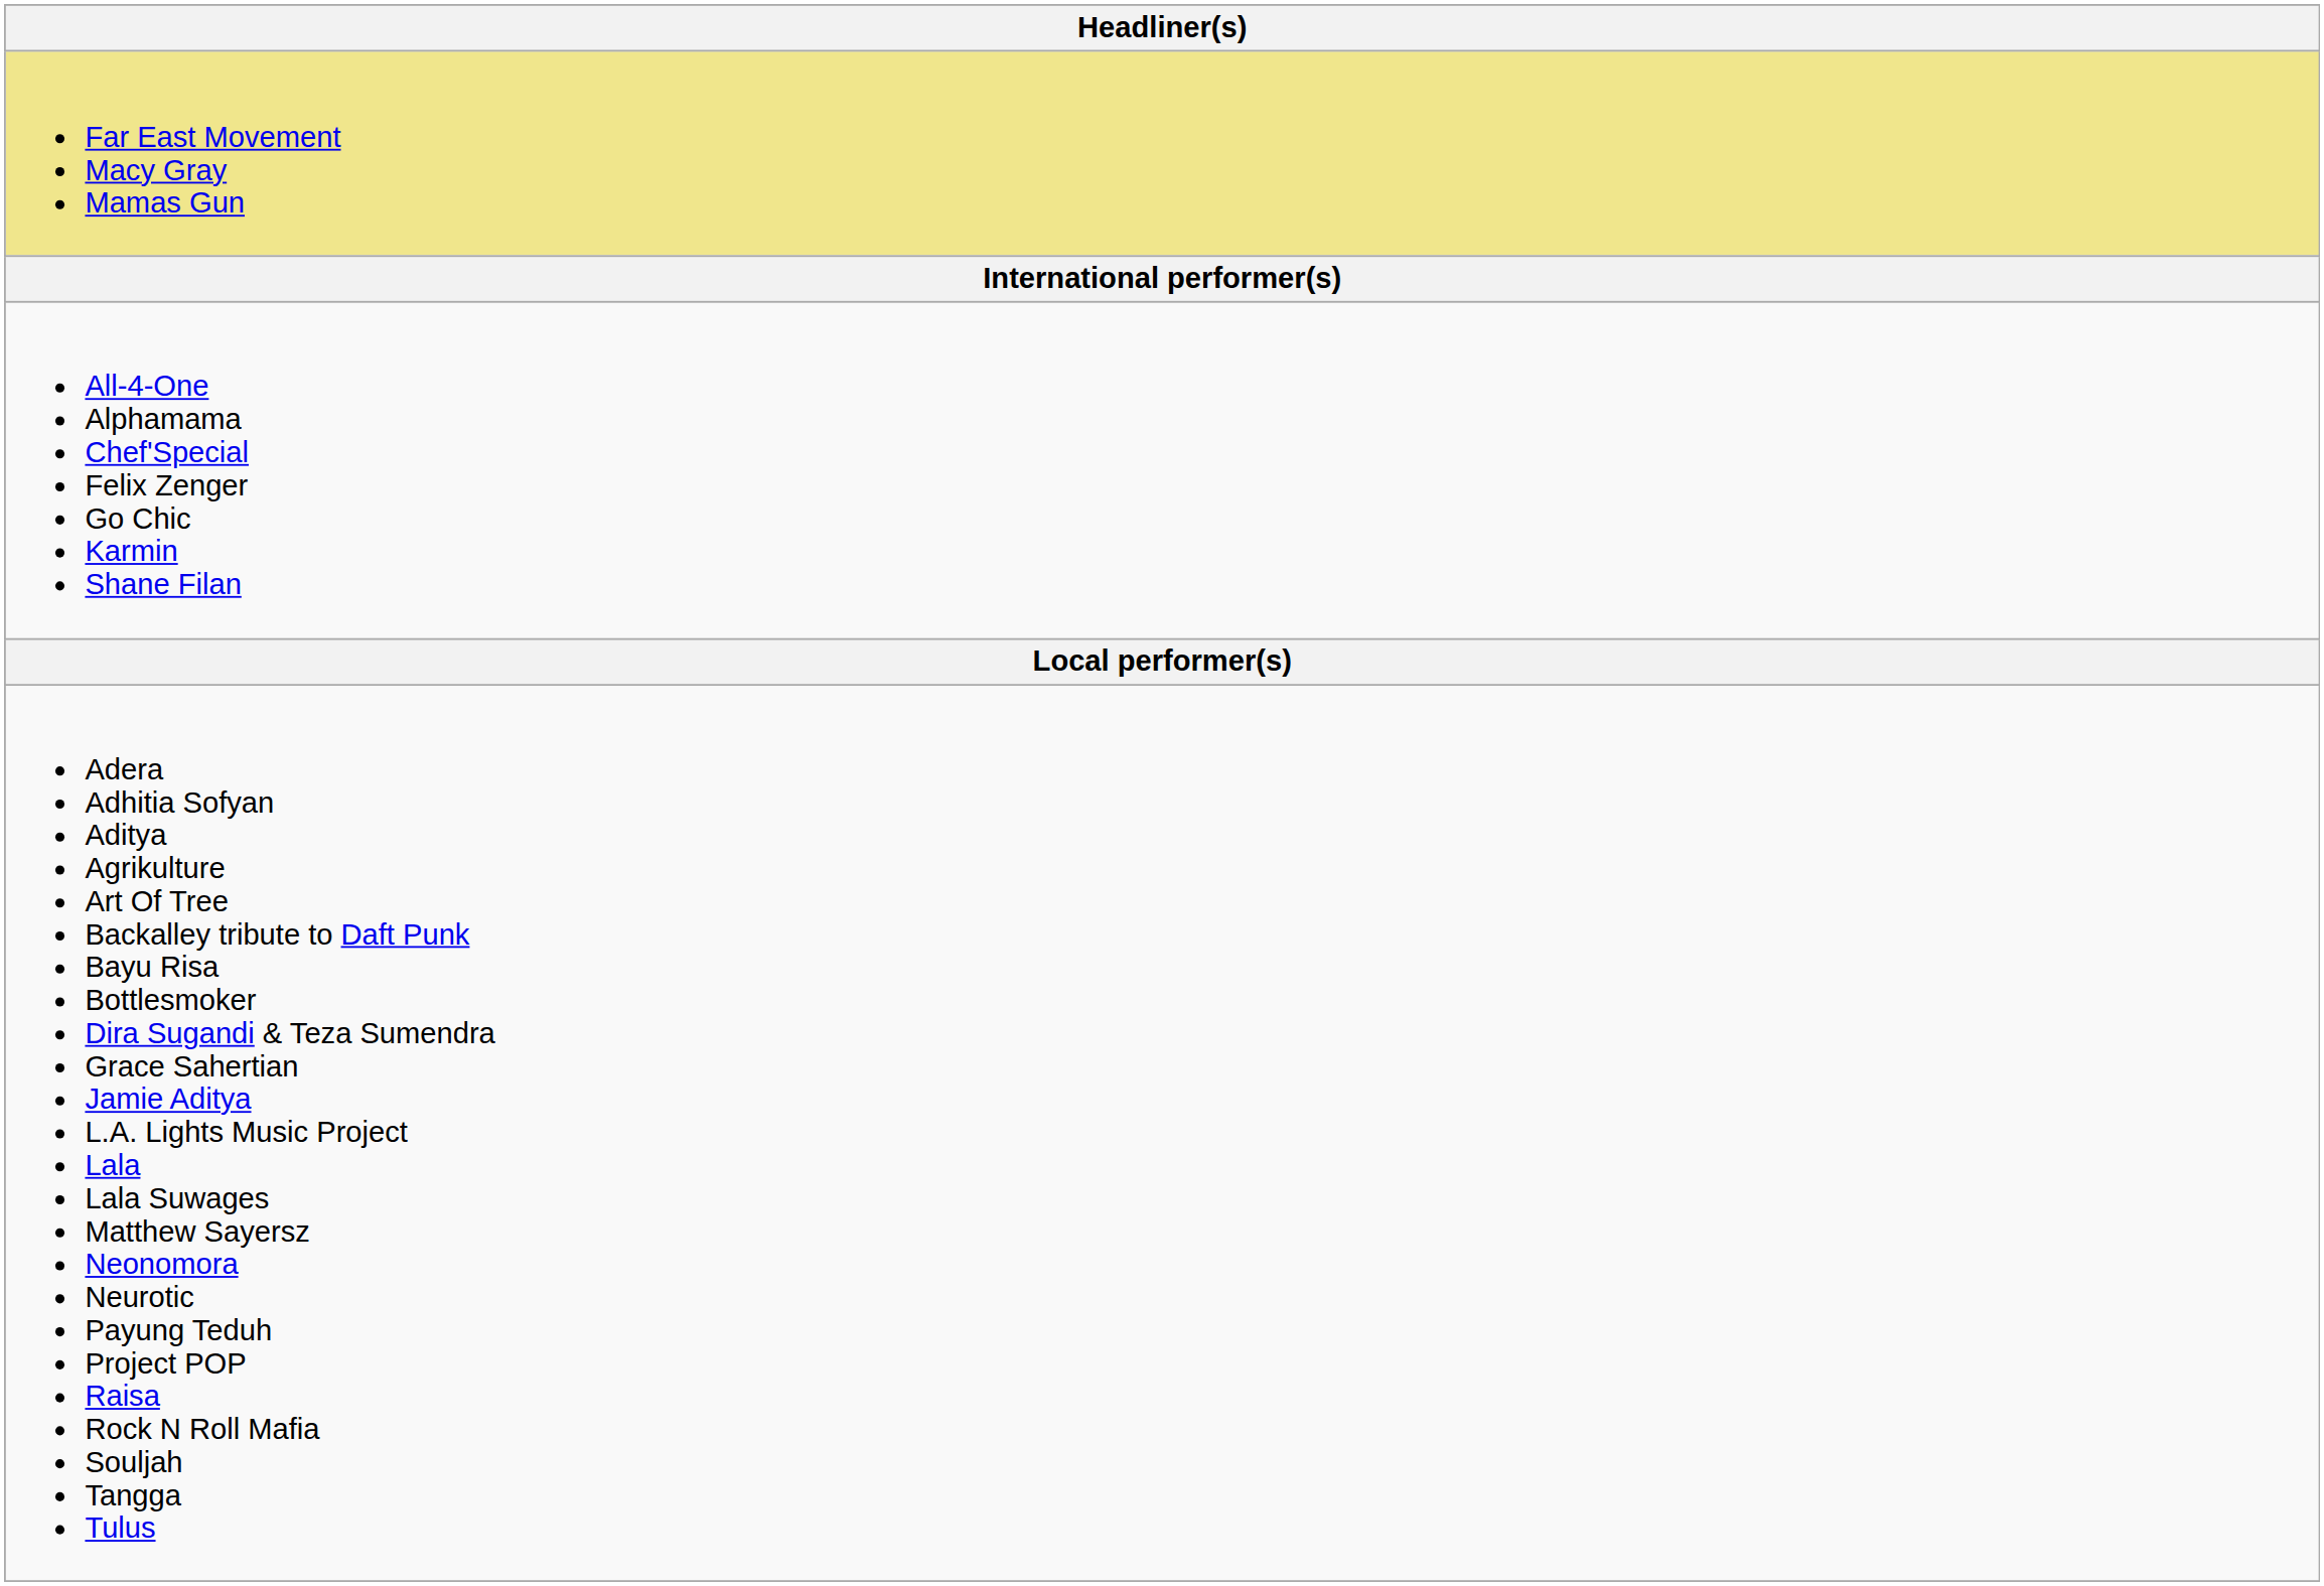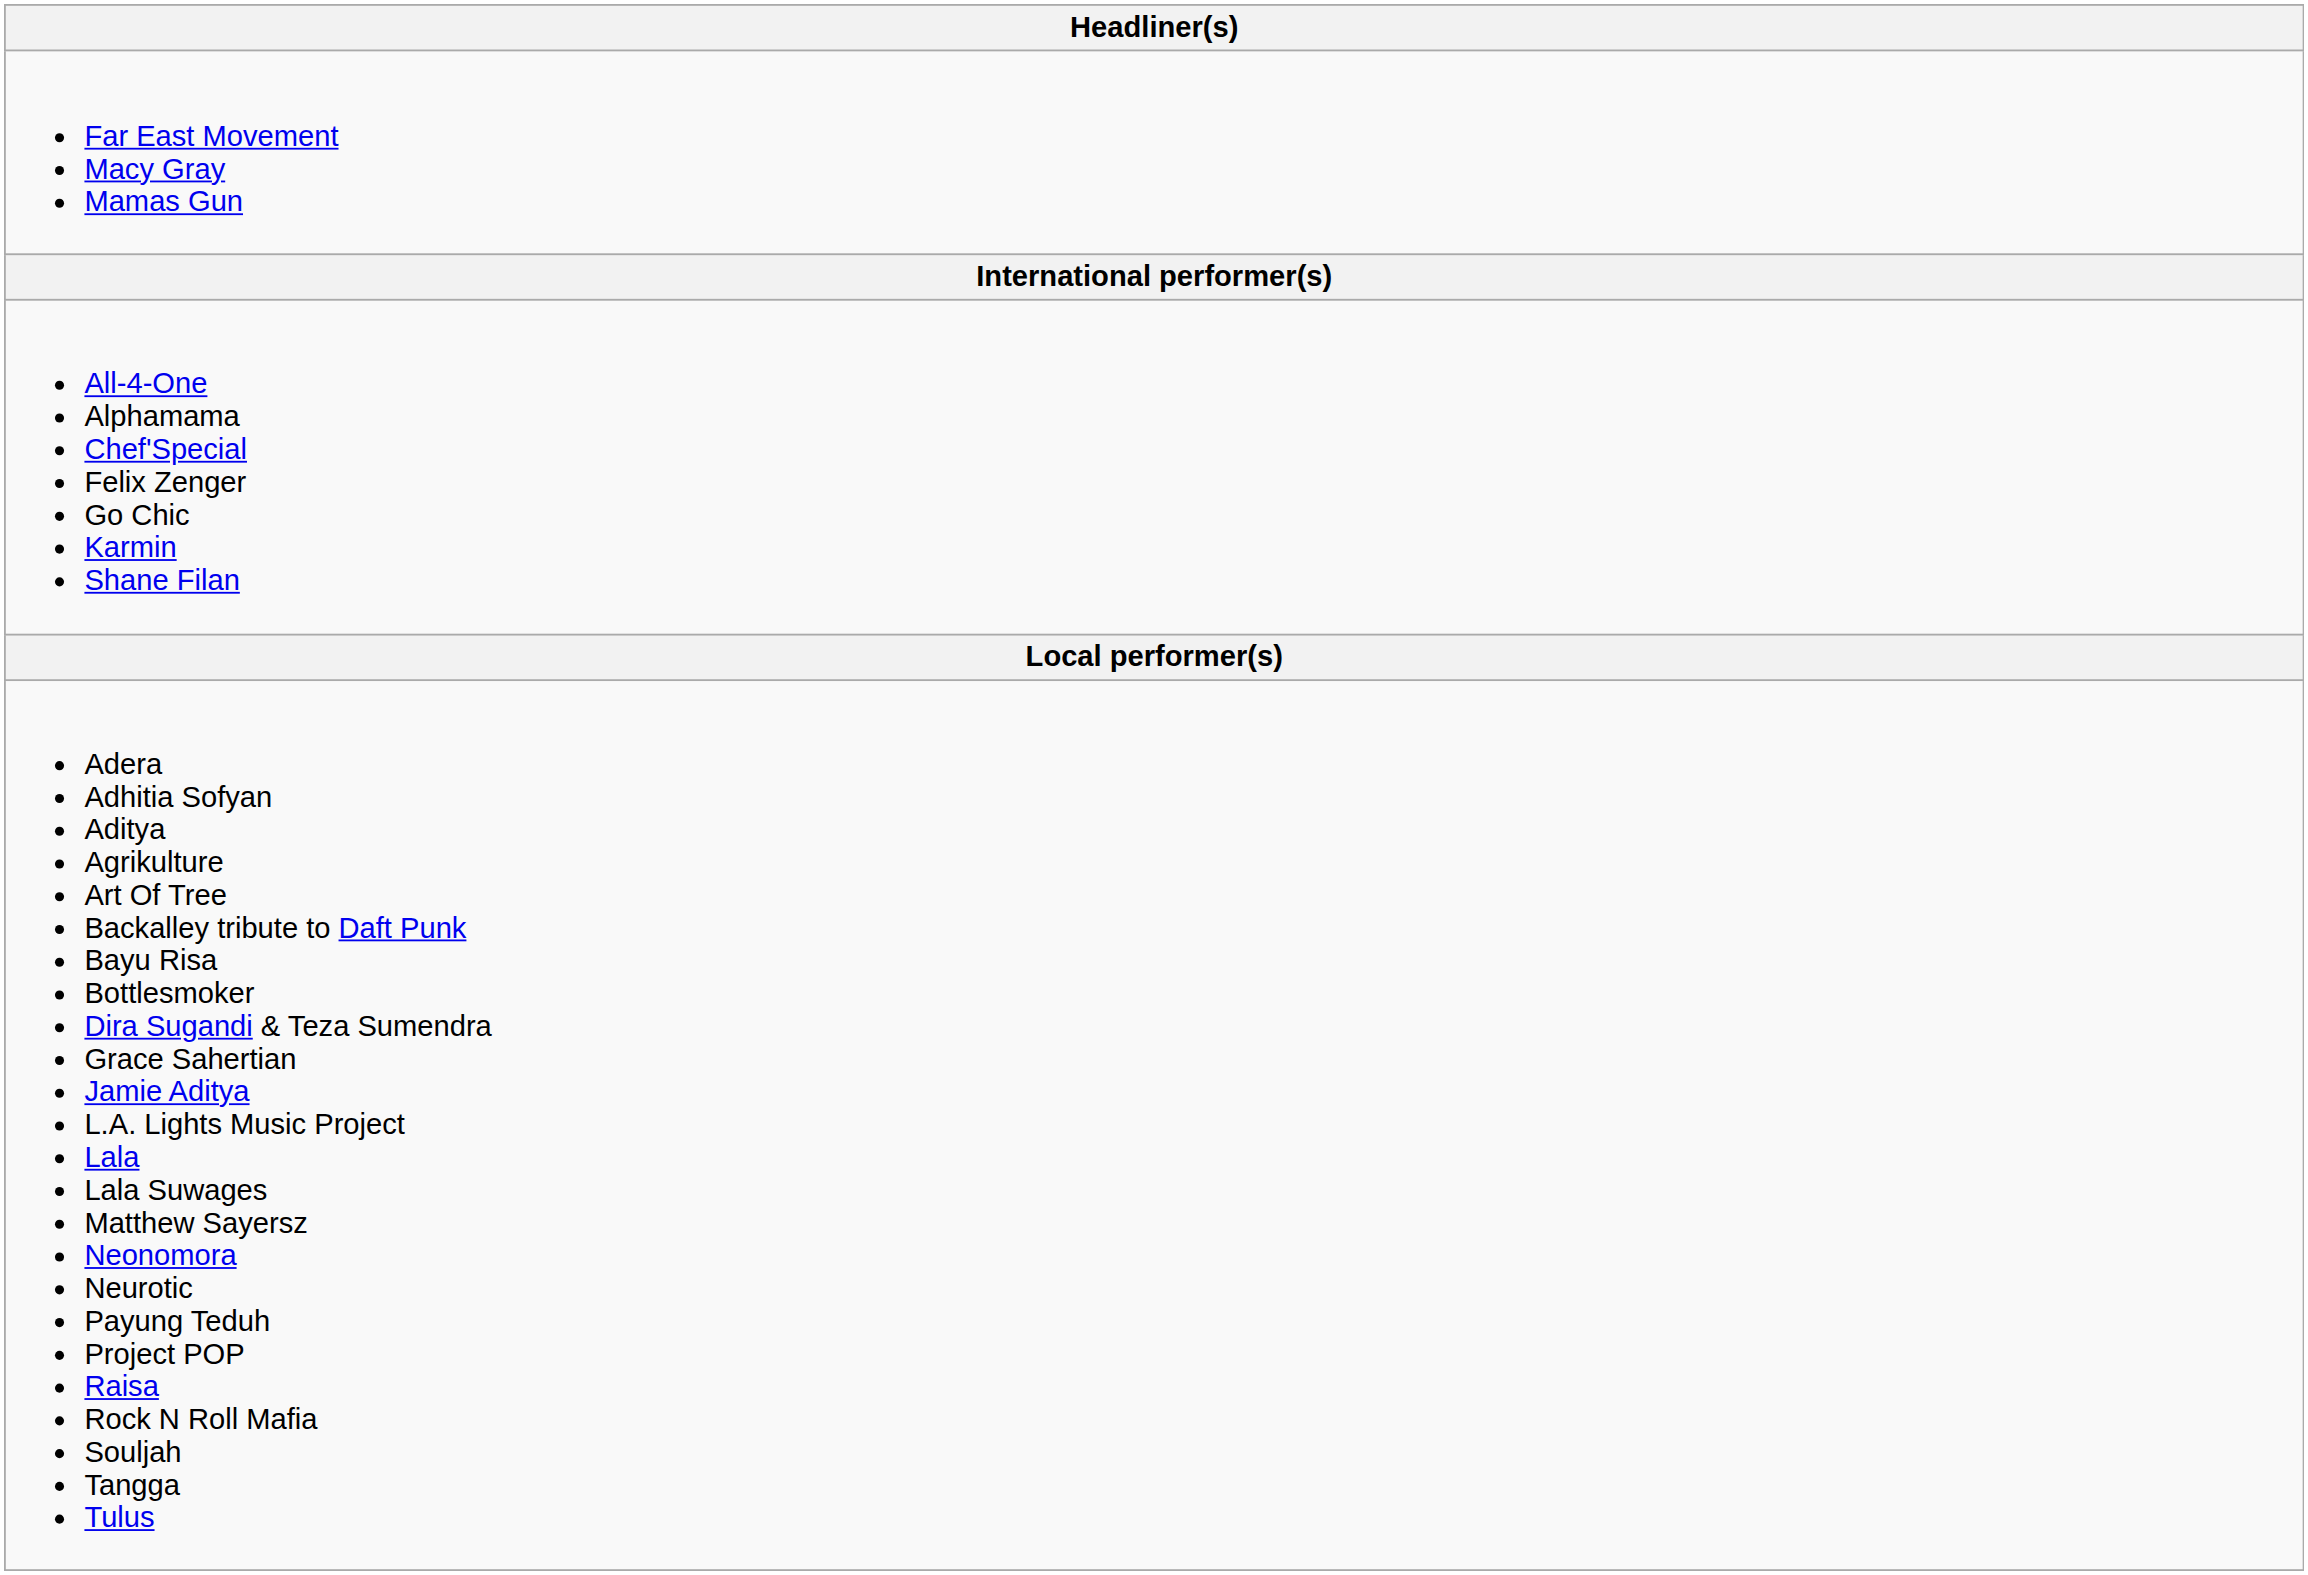 <table class="wikitable" style="width:100%;">
 <tr>
 <th>Headliner(s)</th>
 </tr>
 <tr>
-<td style="background: khaki; vertical-align:top"><br><ul><li><a href='#'>Far East Movement</a></li><li><a href='#'>Macy Gray</a></li><li><a href='#'>Mamas Gun</a></li></ul></td>
+<td style="vertical-align:top"><br><ul><li><a href='#'>Far East Movement</a></li><li><a href='#'>Macy Gray</a></li><li><a href='#'>Mamas Gun</a></li></ul></td>
 </tr>
 <tr>
 <th>International performer(s)</th>
 </tr>
 <tr>
 <td style="vertical-align:top"><br><ul><li><a href='#'>All-4-One</a></li><li>Alphamama</li><li><a href='#'>Chef'Special</a></li><li>Felix Zenger</li><li>Go Chic</li><li><a href='#'>Karmin</a></li><li><a href='#'>Shane Filan</a></li></ul></td>
 </tr>
 <tr>
 <th>Local performer(s)</th>
 </tr>
 <tr>
 <td style="vertical-align:top"><br><ul><li>Adera</li><li>Adhitia Sofyan</li><li>Aditya</li><li>Agrikulture</li><li>Art Of Tree</li><li>Backalley tribute to <a href='#'>Daft Punk</a></li><li>Bayu Risa</li><li>Bottlesmoker</li><li><a href='#'>Dira Sugandi</a> & Teza Sumendra</li><li>Grace Sahertian</li><li><a href='#'>Jamie Aditya</a></li><li>L.A. Lights Music Project</li><li><a href='#'>Lala</a></li><li>Lala Suwages</li><li>Matthew Sayersz</li><li><a href='#'>Neonomora</a></li><li>Neurotic</li><li>Payung Teduh</li><li>Project POP</li><li><a href='#'>Raisa</a></li><li>Rock N Roll Mafia</li><li>Souljah</li><li>Tangga</li><li><a href='#'>Tulus</a></li></ul></td>
 </tr>
 </table>
